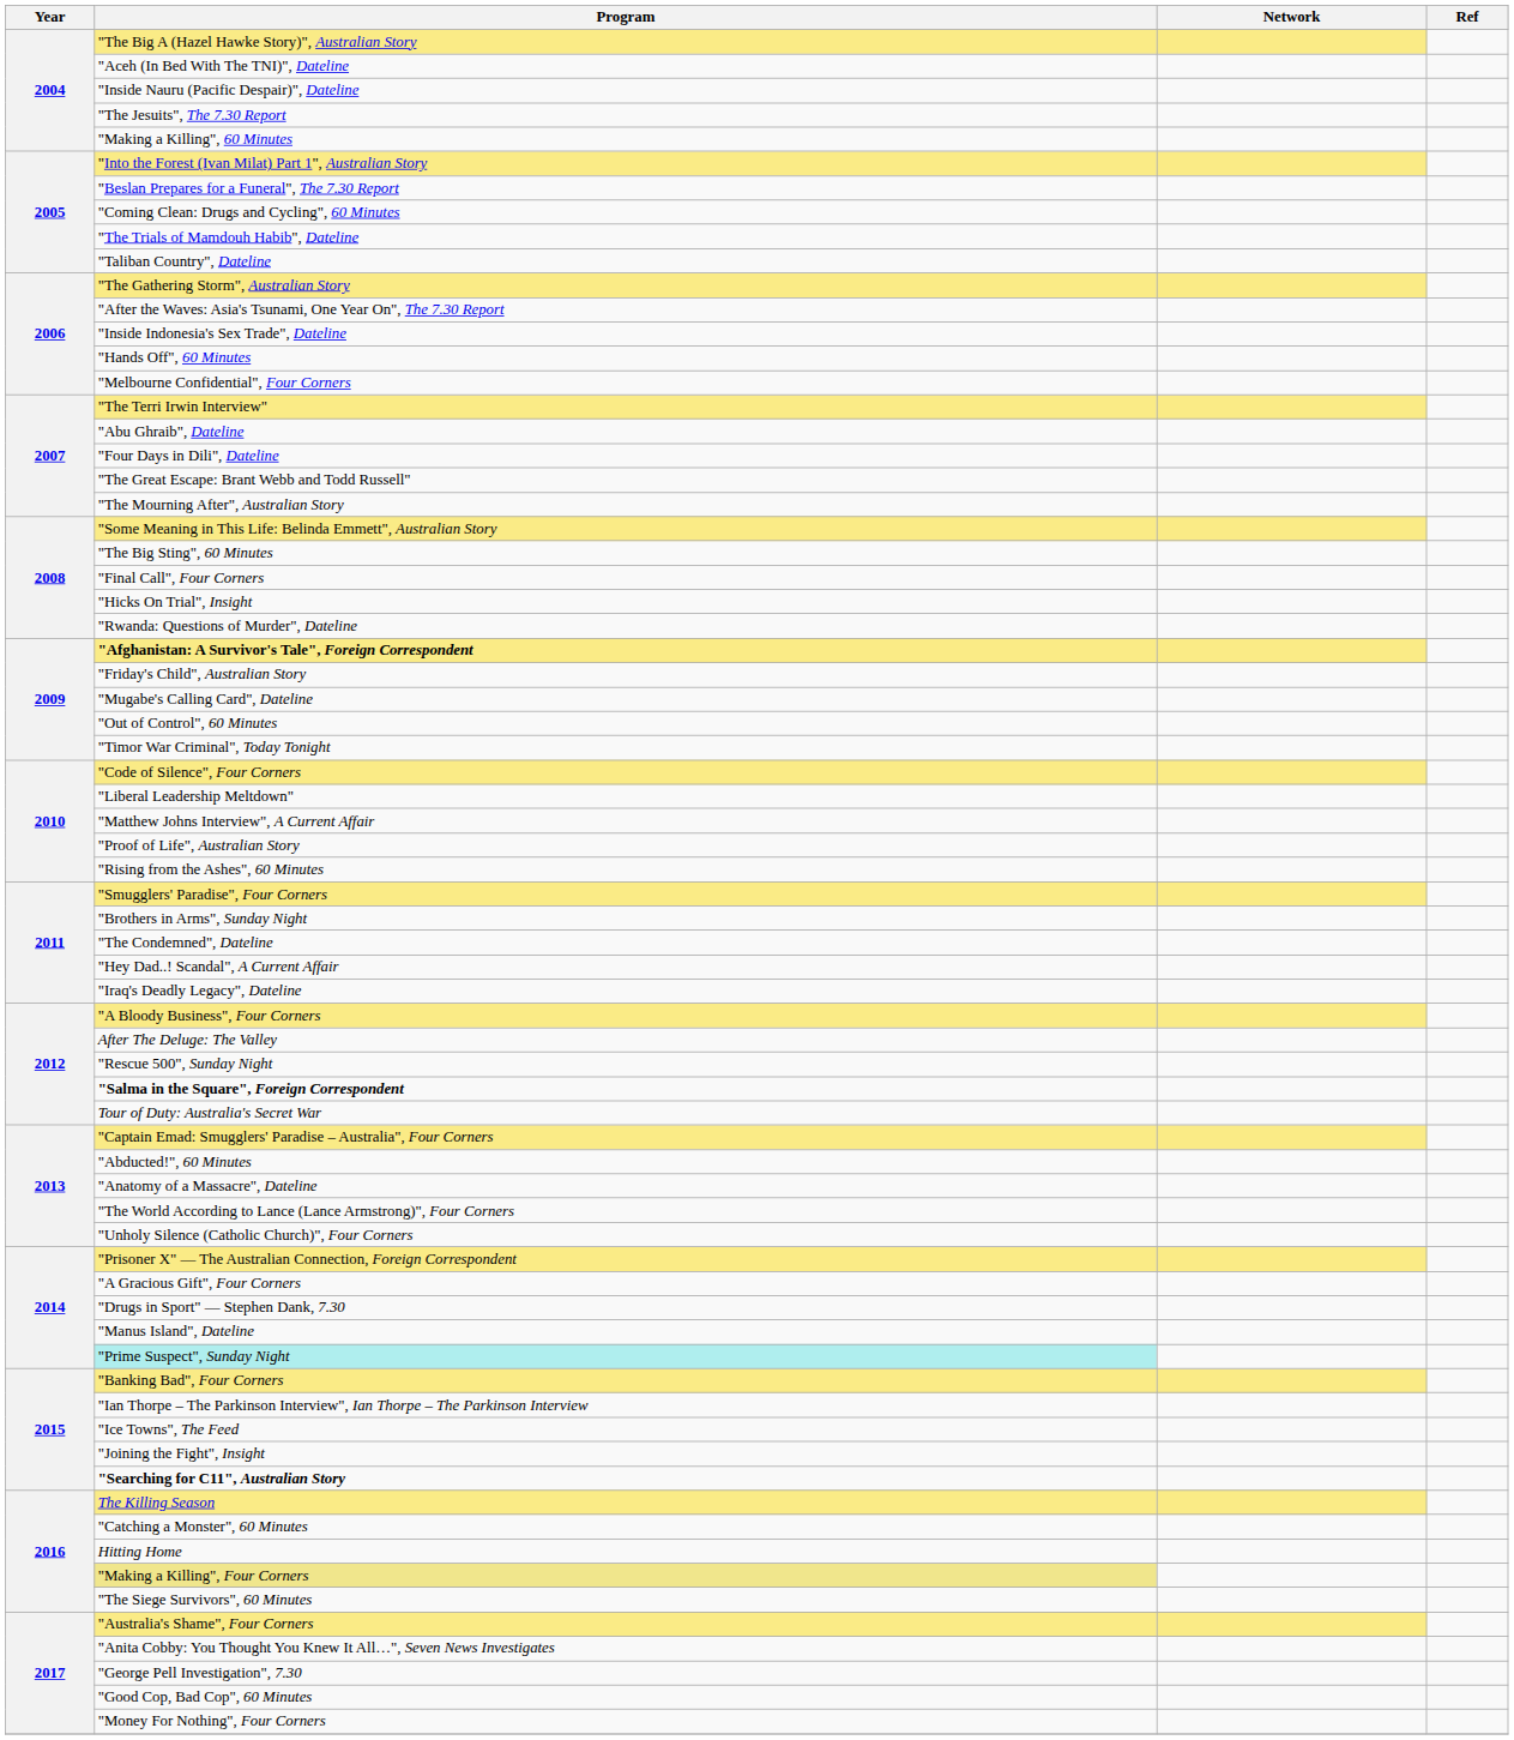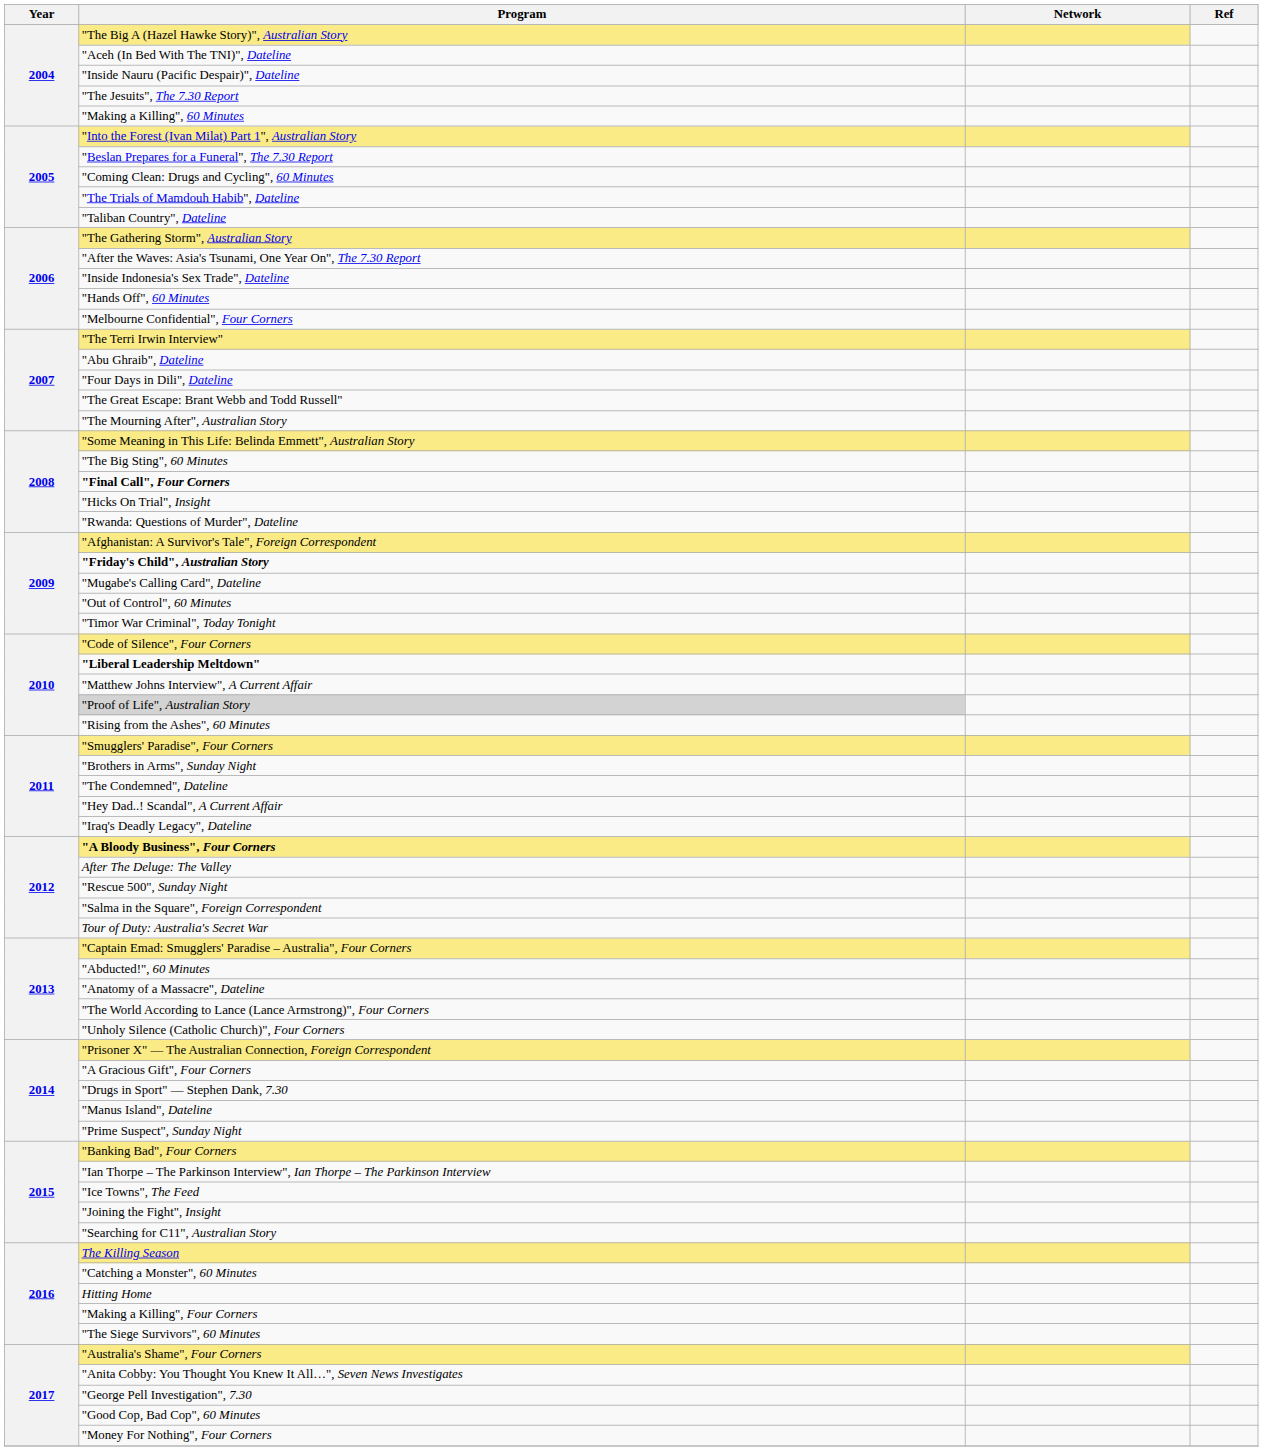 <table class="wikitable sortable">
 <tr style="background:#bebebe;">
 <th scope="col" style="width:1%;">Year</th>
 <th scope="col" style="width:16%;">Program</th>
 <th scope="col" style="width:4%;">Network</th>
 <th scope="col" style="width:1%;" class="unsortable">Ref</th>
 </tr>
 <tr>
 <th scope="row" rowspan="5" style="text-align:center"><a href='#'>2004</a></th>
 <td style="background:#FAEB86">"The Big A (Hazel Hawke Story)", <em><a href='#'>Australian Story</a></em></td>
 <td style="background:#FAEB86"></td>
 <td></td>
 </tr>
 <tr>
 <td>"Aceh (In Bed With The TNI)", <em><a href='#'>Dateline</a></em></td>
 <td></td>
 <td></td>
 </tr>
 <tr>
 <td>"Inside Nauru (Pacific Despair)", <em><a href='#'>Dateline</a></em></td>
 <td></td>
 <td></td>
 </tr>
 <tr>
 <td>"The Jesuits", <em><a href='#'>The 7.30 Report</a></em></td>
 <td></td>
 <td></td>
 </tr>
 <tr>
 <td>"Making a Killing", <em><a href='#'>60 Minutes</a></em></td>
 <td></td>
 <td></td>
 </tr>
 <tr>
 <th scope="row" rowspan="5" style="text-align:center"><a href='#'>2005</a></th>
 <td style="background:#FAEB86">"<a href='#'>Into the Forest (Ivan Milat) Part 1</a>", <em><a href='#'>Australian Story</a></em></td>
 <td style="background:#FAEB86"></td>
 <td></td>
 </tr>
 <tr>
 <td>"<a href='#'>Beslan Prepares for a Funeral</a>", <em><a href='#'>The 7.30 Report</a></em></td>
 <td></td>
 <td></td>
 </tr>
 <tr>
 <td>"Coming Clean: Drugs and Cycling", <em><a href='#'>60 Minutes</a></em></td>
 <td></td>
 <td></td>
 </tr>
 <tr>
 <td>"<a href='#'>The Trials of Mamdouh Habib</a>", <em><a href='#'>Dateline</a></em></td>
 <td></td>
 <td></td>
 </tr>
 <tr>
 <td>"Taliban Country", <em><a href='#'>Dateline</a></em></td>
 <td></td>
 <td></td>
 </tr>
 <tr>
 <th scope="row" rowspan="5" style="text-align:center"><a href='#'>2006</a></th>
 <td style="background:#FAEB86">"The Gathering Storm", <em><a href='#'>Australian Story</a></em></td>
 <td style="background:#FAEB86"></td>
 <td></td>
 </tr>
 <tr>
 <td>"After the Waves: Asia's Tsunami, One Year On", <em><a href='#'>The 7.30 Report</a></em></td>
 <td></td>
 <td></td>
 </tr>
 <tr>
 <td>"Inside Indonesia's Sex Trade", <em><a href='#'>Dateline</a></em></td>
 <td></td>
 <td></td>
 </tr>
 <tr>
 <td>"Hands Off", <em><a href='#'>60 Minutes</a></em></td>
 <td></td>
 <td></td>
 </tr>
 <tr>
 <td>"Melbourne Confidential", <em><a href='#'>Four Corners</a></em></td>
 <td></td>
 <td></td>
 </tr>
 <tr>
 <th scope="row" rowspan="5" style="text-align:center"><a href='#'>2007</a></th>
 <td style="background:#FAEB86">"The Terri Irwin Interview"</td>
 <td style="background:#FAEB86"></td>
 <td></td>
 </tr>
 <tr>
 <td>"Abu Ghraib", <em><a href='#'>Dateline</a></em></td>
 <td></td>
 <td></td>
 </tr>
 <tr>
 <td>"Four Days in Dili", <em><a href='#'>Dateline</a></em></td>
 <td></td>
 <td></td>
 </tr>
 <tr>
 <td>"The Great Escape: Brant Webb and Todd Russell"</td>
 <td></td>
 <td></td>
 </tr>
 <tr>
 <td>"The Mourning After", <em>Australian Story</em></td>
 <td></td>
 <td></td>
 </tr>
 <tr>
 <th scope="row" rowspan="5" style="text-align:center"><a href='#'>2008</a></th>
 <td style="background:#FAEB86">"Some Meaning in This Life: Belinda Emmett", <em>Australian Story</em></td>
 <td style="background:#FAEB86"></td>
 <td></td>
 </tr>
 <tr>
 <td>"The Big Sting", <em>60 Minutes</em></td>
 <td></td>
 <td></td>
 </tr>
 <tr>
-<td>"Final Call", <em>Four Corners</em></td>
+<td><strong>"Final Call", <em>Four Corners</em></strong></td>
 <td></td>
 <td></td>
 </tr>
 <tr>
 <td>"Hicks On Trial", <em>Insight</em></td>
 <td></td>
 <td></td>
 </tr>
 <tr>
 <td>"Rwanda: Questions of Murder", <em>Dateline</em></td>
 <td></td>
 <td></td>
 </tr>
 <tr>
 <th scope="row" rowspan="5" style="text-align:center"><a href='#'>2009</a></th>
-<td style="background:#FAEB86"><strong>"Afghanistan: A Survivor's Tale", <em>Foreign Correspondent</em></strong></td>
+<td style="background:#FAEB86">"Afghanistan: A Survivor's Tale", <em>Foreign Correspondent</em></td>
 <td style="background:#FAEB86"></td>
 <td></td>
 </tr>
 <tr>
-<td>"Friday's Child", <em>Australian Story</em></td>
+<td><strong>"Friday's Child", <em>Australian Story</em></strong></td>
 <td></td>
 <td></td>
 </tr>
 <tr>
 <td>"Mugabe's Calling Card", <em>Dateline</em></td>
 <td></td>
 <td></td>
 </tr>
 <tr>
 <td>"Out of Control", <em>60 Minutes</em></td>
 <td></td>
 <td></td>
 </tr>
 <tr>
 <td>"Timor War Criminal", <em>Today Tonight</em></td>
 <td></td>
 <td></td>
 </tr>
 <tr>
 <th scope="row" rowspan="5" style="text-align:center"><a href='#'>2010</a></th>
 <td style="background:#FAEB86">"Code of Silence", <em>Four Corners</em></td>
 <td style="background:#FAEB86"></td>
 <td></td>
 </tr>
 <tr>
-<td>"Liberal Leadership Meltdown"</td>
+<td><strong>"Liberal Leadership Meltdown"</strong></td>
 <td></td>
 <td></td>
 </tr>
 <tr>
 <td>"Matthew Johns Interview", <em>A Current Affair</em></td>
 <td></td>
 <td></td>
 </tr>
 <tr>
-<td>"Proof of Life", <em>Australian Story</em></td>
+<td style="background: lightgrey;">"Proof of Life", <em>Australian Story</em></td>
 <td></td>
 <td></td>
 </tr>
 <tr>
 <td>"Rising from the Ashes", <em>60 Minutes</em></td>
 <td></td>
 <td></td>
 </tr>
 <tr>
 <th scope="row" rowspan="5" style="text-align:center"><a href='#'>2011</a></th>
 <td style="background:#FAEB86">"Smugglers' Paradise", <em>Four Corners</em></td>
 <td style="background:#FAEB86"></td>
 <td></td>
 </tr>
 <tr>
 <td>"Brothers in Arms", <em>Sunday Night</em></td>
 <td></td>
 <td></td>
 </tr>
 <tr>
 <td>"The Condemned", <em>Dateline</em></td>
 <td></td>
 <td></td>
 </tr>
 <tr>
 <td>"Hey Dad..! Scandal", <em>A Current Affair</em></td>
 <td></td>
 <td></td>
 </tr>
 <tr>
 <td>"Iraq's Deadly Legacy", <em>Dateline</em></td>
 <td></td>
 <td></td>
 </tr>
 <tr>
 <th scope="row" rowspan="5" style="text-align:center"><a href='#'>2012</a></th>
-<td style="background:#FAEB86">"A Bloody Business", <em>Four Corners</em></td>
+<td style="background:#FAEB86"><strong>"A Bloody Business", <em>Four Corners</em></strong></td>
 <td style="background:#FAEB86"></td>
 <td></td>
 </tr>
 <tr>
 <td><em>After The Deluge: The Valley</em></td>
 <td></td>
 <td></td>
 </tr>
 <tr>
 <td>"Rescue 500", <em>Sunday Night</em></td>
 <td></td>
 <td></td>
 </tr>
 <tr>
-<td><strong>"Salma in the Square", <em>Foreign Correspondent</em></strong></td>
+<td>"Salma in the Square", <em>Foreign Correspondent</em></td>
 <td></td>
 <td></td>
 </tr>
 <tr>
 <td><em>Tour of Duty: Australia's Secret War</em></td>
 <td></td>
 <td></td>
 </tr>
 <tr>
 <th scope="row" rowspan="5" style="text-align:center"><a href='#'>2013</a></th>
 <td style="background:#FAEB86">"Captain Emad: Smugglers' Paradise – Australia", <em>Four Corners</em></td>
 <td style="background:#FAEB86"></td>
 <td></td>
 </tr>
 <tr>
 <td>"Abducted!", <em>60 Minutes</em></td>
 <td></td>
 <td></td>
 </tr>
 <tr>
 <td>"Anatomy of a Massacre", <em>Dateline</em></td>
 <td></td>
 <td></td>
 </tr>
 <tr>
 <td>"The World According to Lance (Lance Armstrong)", <em>Four Corners</em></td>
 <td></td>
 <td></td>
 </tr>
 <tr>
 <td>"Unholy Silence (Catholic Church)", <em>Four Corners</em></td>
 <td></td>
 <td></td>
 </tr>
 <tr>
 <th scope="row" rowspan="5" style="text-align:center"><a href='#'>2014</a></th>
 <td style="background:#FAEB86">"Prisoner X" — The Australian Connection, <em>Foreign Correspondent</em></td>
 <td style="background:#FAEB86"></td>
 <td></td>
 </tr>
 <tr>
 <td>"A Gracious Gift", <em>Four Corners</em></td>
 <td></td>
 <td></td>
 </tr>
 <tr>
 <td>"Drugs in Sport" — Stephen Dank, <em>7.30</em></td>
 <td></td>
 <td></td>
 </tr>
 <tr>
 <td>"Manus Island", <em>Dateline</em></td>
 <td></td>
 <td></td>
 </tr>
 <tr>
-<td style="background: paleturquoise;">"Prime Suspect", <em>Sunday Night</em></td>
+<td>"Prime Suspect", <em>Sunday Night</em></td>
 <td></td>
 <td></td>
 </tr>
 <tr>
 <th scope="row" rowspan="5" style="text-align:center"><a href='#'>2015</a></th>
 <td style="background:#FAEB86">"Banking Bad", <em>Four Corners</em></td>
 <td style="background:#FAEB86"></td>
 <td></td>
 </tr>
 <tr>
 <td>"Ian Thorpe – The Parkinson Interview", <em>Ian Thorpe – The Parkinson Interview</em></td>
 <td></td>
 <td></td>
 </tr>
 <tr>
 <td>"Ice Towns", <em>The Feed</em></td>
 <td></td>
 <td></td>
 </tr>
 <tr>
 <td>"Joining the Fight", <em>Insight</em></td>
 <td></td>
 <td></td>
 </tr>
 <tr>
-<td><strong>"Searching for C11", <em>Australian Story</em></strong></td>
+<td>"Searching for C11", <em>Australian Story</em></td>
 <td></td>
 <td></td>
 </tr>
 <tr>
 <th scope="row" rowspan="5" style="text-align:center"><a href='#'>2016</a></th>
 <td style="background:#FAEB86"><em><a href='#'>The Killing Season</a></em></td>
 <td style="background:#FAEB86"></td>
 <td></td>
 </tr>
 <tr>
 <td>"Catching a Monster", <em>60 Minutes</em></td>
 <td></td>
 <td></td>
 </tr>
 <tr>
 <td><em>Hitting Home</em></td>
 <td></td>
 <td></td>
 </tr>
 <tr>
-<td style="background: khaki;">"Making a Killing", <em>Four Corners</em></td>
+<td>"Making a Killing", <em>Four Corners</em></td>
 <td></td>
 <td></td>
 </tr>
 <tr>
 <td>"The Siege Survivors", <em>60 Minutes</em></td>
 <td></td>
 <td></td>
 </tr>
 <tr>
 <th scope="row" rowspan="5" style="text-align:center"><a href='#'>2017</a></th>
 <td style="background:#FAEB86">"Australia's Shame", <em>Four Corners</em></td>
 <td style="background:#FAEB86"></td>
 <td></td>
 </tr>
 <tr>
 <td>"Anita Cobby: You Thought You Knew It All…", <em>Seven News Investigates</em></td>
 <td></td>
 <td></td>
 </tr>
 <tr>
 <td>"George Pell Investigation", <em>7.30</em></td>
 <td></td>
 <td></td>
 </tr>
 <tr>
 <td>"Good Cop, Bad Cop", <em>60 Minutes</em></td>
 <td></td>
 <td></td>
 </tr>
 <tr>
 <td>"Money For Nothing", <em>Four Corners</em></td>
 <td></td>
 <td></td>
 </tr>
 <tr>
 </tr>
 </table>
